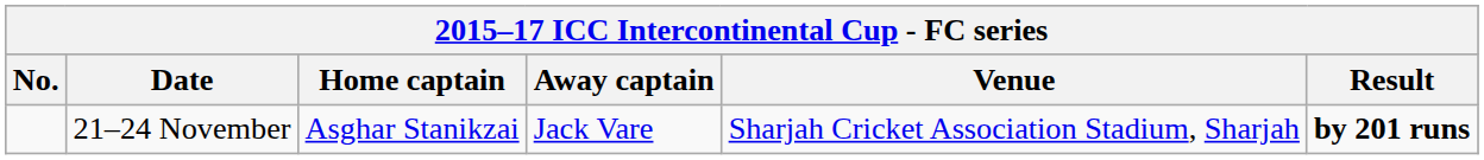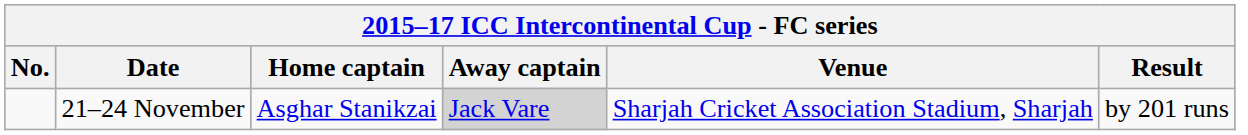 <table class="wikitable">
 <tr>
 <th colspan="6"><a href='#'>2015–17 ICC Intercontinental Cup</a> - FC series</th>
 </tr>
 <tr>
 <th>No.</th>
 <th>Date</th>
 <th>Home captain</th>
 <th>Away captain</th>
 <th>Venue</th>
 <th>Result</th>
 </tr>
 <tr>
 <td></td>
 <td>21–24 November</td>
 <td><a href='#'>Asghar Stanikzai</a></td>
-<td><a href='#'>Jack Vare</a></td>
+<td style="background: lightgrey;"><a href='#'>Jack Vare</a></td>
 <td><a href='#'>Sharjah Cricket Association Stadium</a>, <a href='#'>Sharjah</a></td>
-<td><strong> by 201 runs</strong></td>
+<td> by 201 runs</td>
 </tr>
 </table>
